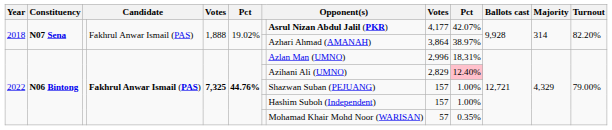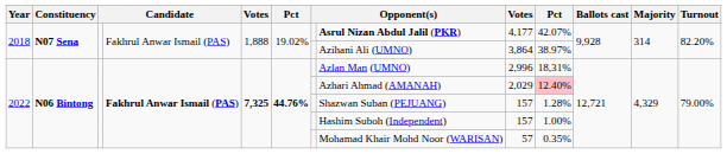 <table class="wikitable" style="margin:0.5em ; font-size:95%">
 <tr>
 <th>Year</th>
 <th>Constituency</th>
 <th colspan="2">Candidate</th>
 <th>Votes</th>
 <th>Pct</th>
 <th colspan="2">Opponent(s)</th>
 <th>Votes</th>
 <th>Pct</th>
 <th>Ballots cast</th>
 <th>Majority</th>
 <th>Turnout</th>
 </tr>
 <tr>
 <td rowspan=2><a href='#'>2018</a></td>
 <td rowspan=2><strong>N07 <a href='#'>Sena</a></strong></td>
 <td rowspan=2 ></td>
 <td rowspan=2>Fakhrul Anwar Ismail (<a href='#'>PAS</a>)</td>
 <td rowspan=2 align="right">1,888</td>
 <td rowspan=2 align="right">19.02%</td>
 <td></td>
 <td><strong>Asrul Nizan Abdul Jalil</strong> (<a href='#'><strong>PKR</strong></a>)</td>
 <td align="right">4,177</td>
 <td align="right">42.07%</td>
 <td rowspan=2>9,928</td>
 <td rowspan=2>314</td>
 <td rowspan=2>82.20%</td>
 </tr>
 <tr>
 <td></td>
-<td>Azhari Ahmad (<a href='#'>AMANAH</a>)</td>
+<td>Azihani Ali (<a href='#'>UMNO</a>)</td>
 <td align="right">3,864</td>
 <td align="right">38.97%</td>
 </tr>
 <tr>
 <td rowspan=5><a href='#'>2022</a></td>
 <td rowspan=5><strong>N06 <a href='#'>Bintong</a></strong></td>
 <td rowspan=5 bgcolor=></td>
 <td rowspan=5><strong>Fakhrul Anwar Ismail</strong> (<a href='#'><strong>PAS</strong></a>)</td>
 <td rowspan=5 align="right"><strong>7,325</strong></td>
 <td rowspan=5 align="right"><strong>44.76%</strong></td>
 <td></td>
 <td><a href='#'>Azlan Man</a> (<a href='#'>UMNO</a>)</td>
 <td align="right">2,996</td>
 <td align="right">18,31%</td>
 <td rowspan=5>12,721</td>
 <td rowspan=5>4,329</td>
 <td rowspan=5>79.00%</td>
 </tr>
 <tr>
 <td></td>
-<td>Azihani Ali (<a href='#'>UMNO</a>)</td>
-<td align="right">2,829</td>
+<td>Azhari Ahmad (<a href='#'>AMANAH</a>)</td>
+<td align="right">2,029</td>
 <td align="right" style="background: pink;">12.40%</td>
 </tr>
 <tr>
 <td bgcolor=></td>
 <td>Shazwan Suban (<a href='#'>PEJUANG</a>)</td>
 <td align="right">157</td>
-<td align="right">1.00%</td>
+<td align="right">1.28%</td>
 </tr>
 <tr>
 <td></td>
 <td>Hashim Suboh (<a href='#'>Independent</a>)</td>
 <td align="right">157</td>
 <td align="right">1.00%</td>
 </tr>
 <tr>
 <td></td>
 <td>Mohamad Khair Mohd Noor (<a href='#'>WARISAN</a>)</td>
 <td align="right">57</td>
 <td align="right">0.35%</td>
 </tr>
 </table>
